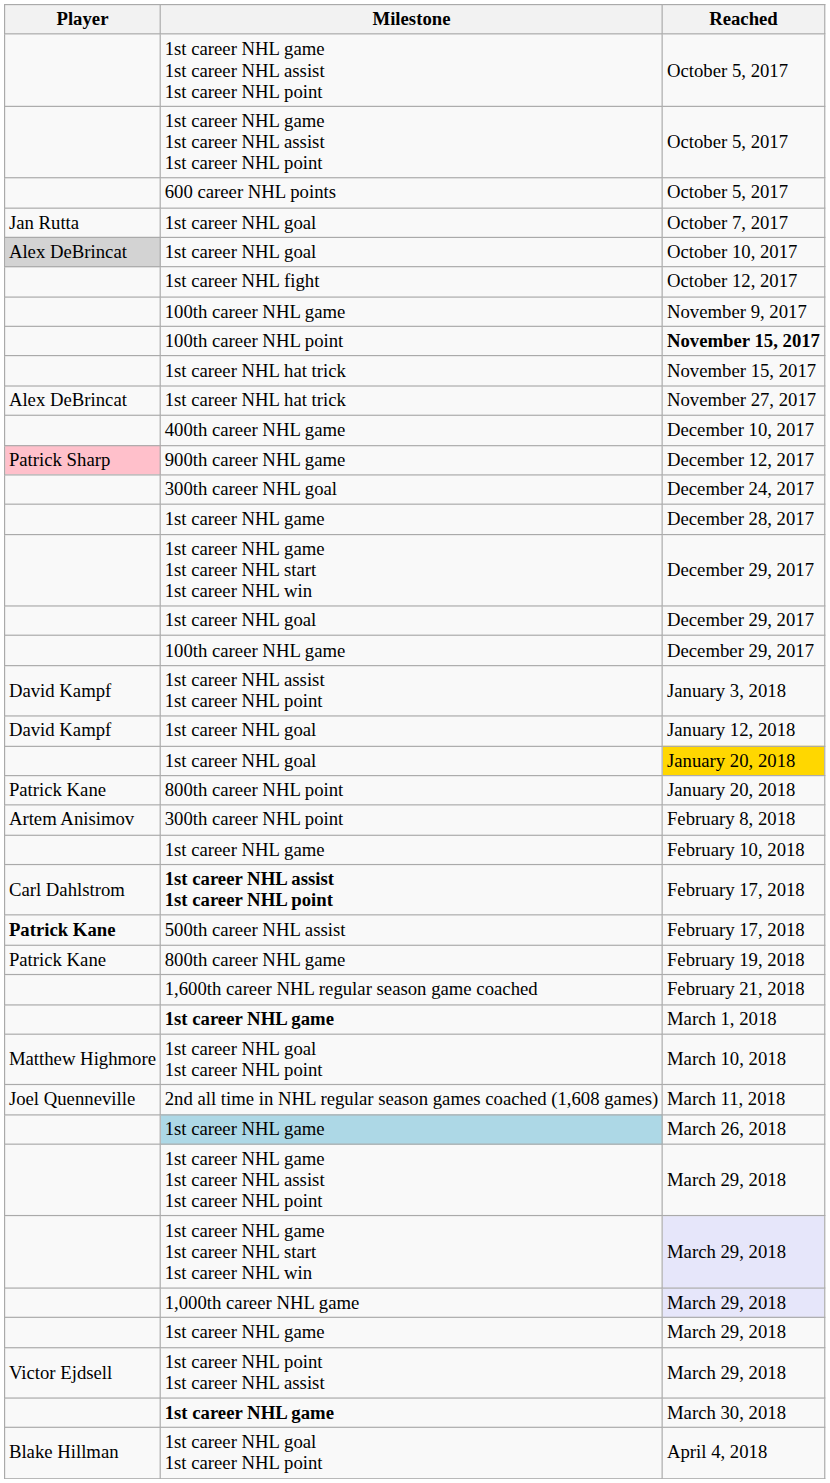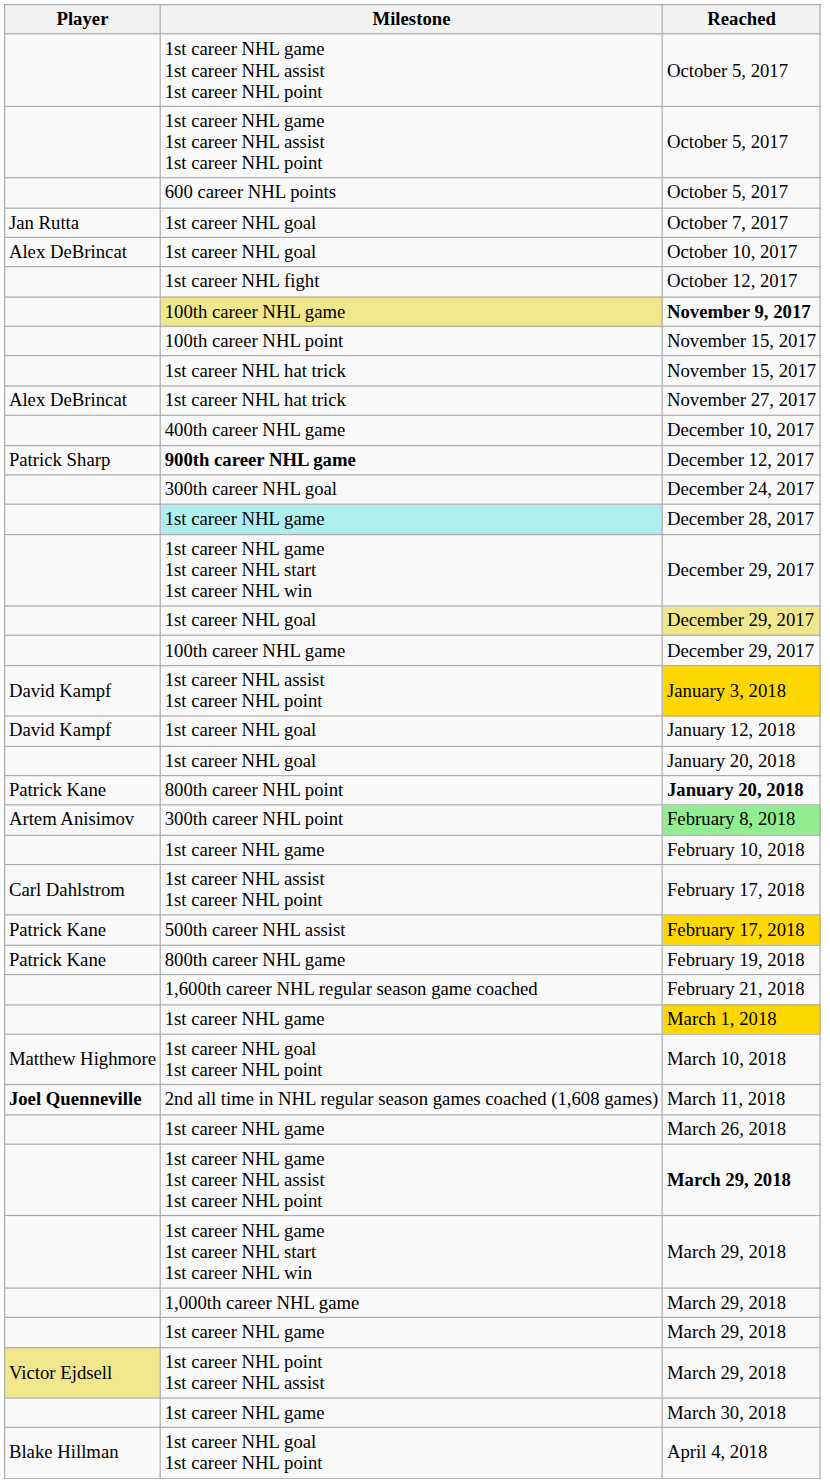 <table class="wikitable sortable" width="auto">
 <tr style="text-align:center;">
 <th width="auto">Player</th>
 <th width="auto">Milestone</th>
 <th width="auto" data-sort-type="date">Reached</th>
 </tr>
 <tr>
 <td></td>
 <td>1st career NHL game<br>1st career NHL assist<br>1st career NHL point</td>
 <td>October 5, 2017</td>
 </tr>
 <tr>
 <td></td>
 <td>1st career NHL game<br>1st career NHL assist<br>1st career NHL point</td>
 <td>October 5, 2017</td>
 </tr>
 <tr>
 <td></td>
 <td>600 career NHL points</td>
 <td>October 5, 2017</td>
 </tr>
 <tr>
 <td>Jan Rutta</td>
 <td>1st career NHL goal</td>
 <td>October 7, 2017</td>
 </tr>
 <tr>
-<td style="background: lightgrey;">Alex DeBrincat</td>
+<td>Alex DeBrincat</td>
 <td>1st career NHL goal</td>
 <td>October 10, 2017</td>
 </tr>
 <tr>
 <td></td>
 <td>1st career NHL fight</td>
 <td>October 12, 2017</td>
 </tr>
 <tr>
 <td></td>
-<td>100th career NHL game</td>
-<td>November 9, 2017</td>
+<td style="background: khaki;">100th career NHL game</td>
+<td><strong>November 9, 2017</strong></td>
 </tr>
 <tr>
 <td></td>
 <td>100th career NHL point</td>
-<td><strong>November 15, 2017</strong></td>
+<td>November 15, 2017</td>
 </tr>
 <tr>
 <td></td>
 <td>1st career NHL hat trick</td>
 <td>November 15, 2017</td>
 </tr>
 <tr>
 <td>Alex DeBrincat</td>
 <td>1st career NHL hat trick</td>
 <td>November 27, 2017</td>
 </tr>
 <tr>
 <td></td>
 <td>400th career NHL game</td>
 <td>December 10, 2017</td>
 </tr>
 <tr>
-<td style="background: pink;">Patrick Sharp</td>
-<td>900th career NHL game</td>
+<td>Patrick Sharp</td>
+<td><strong>900th career NHL game</strong></td>
 <td>December 12, 2017</td>
 </tr>
 <tr>
 <td></td>
 <td>300th career NHL goal</td>
 <td>December 24, 2017</td>
 </tr>
 <tr>
 <td></td>
-<td>1st career NHL game</td>
+<td style="background: paleturquoise;">1st career NHL game</td>
 <td>December 28, 2017</td>
 </tr>
 <tr>
 <td></td>
 <td>1st career NHL game<br>1st career NHL start<br>1st career NHL win</td>
 <td>December 29, 2017</td>
 </tr>
 <tr>
 <td></td>
 <td>1st career NHL goal</td>
-<td>December 29, 2017</td>
+<td style="background: khaki;">December 29, 2017</td>
 </tr>
 <tr>
 <td></td>
 <td>100th career NHL game</td>
 <td>December 29, 2017</td>
 </tr>
 <tr>
 <td>David Kampf</td>
 <td>1st career NHL assist<br>1st career NHL point</td>
-<td>January 3, 2018</td>
+<td style="background: gold;">January 3, 2018</td>
 </tr>
 <tr>
 <td>David Kampf</td>
 <td>1st career NHL goal</td>
 <td>January 12, 2018</td>
 </tr>
 <tr>
 <td></td>
 <td>1st career NHL goal</td>
-<td style="background: gold;">January 20, 2018</td>
+<td>January 20, 2018</td>
 </tr>
 <tr>
 <td>Patrick Kane</td>
 <td>800th career NHL point</td>
-<td>January 20, 2018</td>
+<td><strong>January 20, 2018</strong></td>
 </tr>
 <tr>
 <td>Artem Anisimov</td>
 <td>300th career NHL point</td>
-<td>February 8, 2018</td>
+<td style="background: lightgreen;">February 8, 2018</td>
 </tr>
 <tr>
 <td></td>
 <td>1st career NHL game</td>
 <td>February 10, 2018</td>
 </tr>
 <tr>
 <td>Carl Dahlstrom</td>
-<td><strong>1st career NHL assist<br>1st career NHL point</strong></td>
+<td>1st career NHL assist<br>1st career NHL point</td>
 <td>February 17, 2018</td>
 </tr>
 <tr>
-<td><strong>Patrick Kane</strong></td>
+<td>Patrick Kane</td>
 <td>500th career NHL assist</td>
-<td>February 17, 2018</td>
+<td style="background: gold;">February 17, 2018</td>
 </tr>
 <tr>
 <td>Patrick Kane</td>
 <td>800th career NHL game</td>
 <td>February 19, 2018</td>
 </tr>
 <tr>
 <td></td>
 <td>1,600th career NHL regular season game coached</td>
 <td>February 21, 2018</td>
 </tr>
 <tr>
 <td></td>
-<td><strong>1st career NHL game</strong></td>
-<td>March 1, 2018</td>
+<td>1st career NHL game</td>
+<td style="background: gold;">March 1, 2018</td>
 </tr>
 <tr>
 <td>Matthew Highmore</td>
 <td>1st career NHL goal<br>1st career NHL point</td>
 <td>March 10, 2018</td>
 </tr>
 <tr>
-<td>Joel Quenneville</td>
+<td><strong>Joel Quenneville</strong></td>
 <td>2nd all time in NHL regular season games coached (1,608 games)</td>
 <td>March 11, 2018</td>
 </tr>
 <tr>
 <td></td>
-<td style="background: lightblue;">1st career NHL game</td>
+<td>1st career NHL game</td>
 <td>March 26, 2018</td>
 </tr>
 <tr>
 <td></td>
 <td>1st career NHL game<br>1st career NHL assist<br>1st career NHL point</td>
+<td><strong>March 29, 2018</strong></td>
+</tr>
+<tr>
+<td></td>
+<td>1st career NHL game<br>1st career NHL start<br>1st career NHL win</td>
 <td>March 29, 2018</td>
 </tr>
 <tr>
 <td></td>
-<td>1st career NHL game<br>1st career NHL start<br>1st career NHL win</td>
-<td style="background: lavender;">March 29, 2018</td>
-</tr>
-<tr>
-<td></td>
 <td>1,000th career NHL game</td>
-<td style="background: lavender;">March 29, 2018</td>
+<td>March 29, 2018</td>
 </tr>
 <tr>
 <td></td>
 <td>1st career NHL game</td>
 <td>March 29, 2018</td>
 </tr>
 <tr>
-<td>Victor Ejdsell</td>
+<td style="background: khaki;">Victor Ejdsell</td>
 <td>1st career NHL point<br>1st career NHL assist</td>
 <td>March 29, 2018</td>
 </tr>
 <tr>
 <td></td>
-<td><strong>1st career NHL game</strong></td>
+<td>1st career NHL game</td>
 <td>March 30, 2018</td>
 </tr>
 <tr>
 <td>Blake Hillman</td>
 <td>1st career NHL goal<br>1st career NHL point</td>
 <td>April 4, 2018</td>
 </tr>
 </table>
